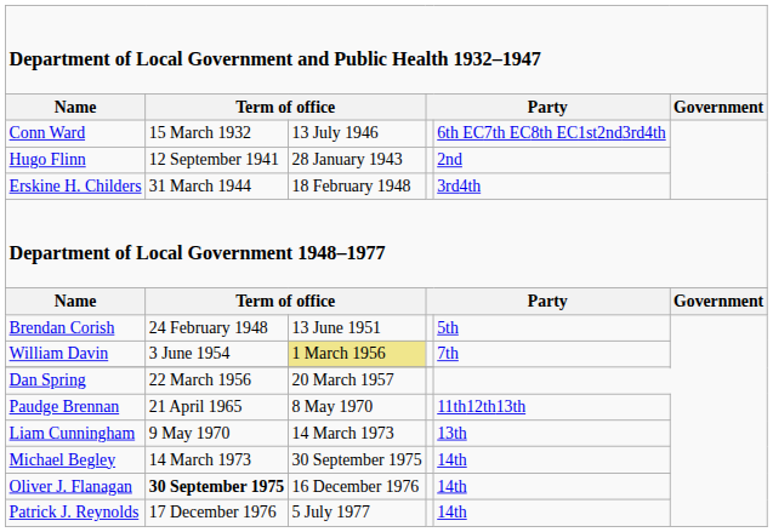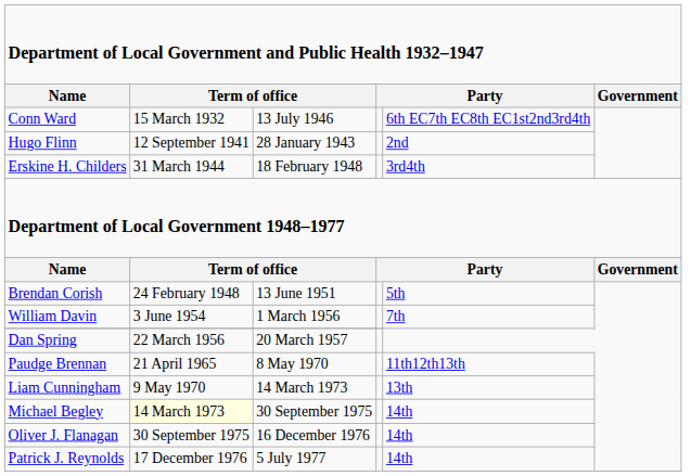 <table class="wikitable">
 <tr>
 <td colspan="6"><br><h3>Department of Local Government and Public Health 1932–1947</h3></td>
 </tr>
 <tr>
 <th>Name</th>
 <th colspan="2">Term of office</th>
 <th colspan="2">Party</th>
 <th>Government</th>
 </tr>
 <tr>
 <td><a href='#'>Conn Ward</a></td>
 <td>15 March 1932</td>
 <td>13 July 1946</td>
 <td></td>
 <td><a href='#'>6th EC</a><a href='#'>7th EC</a><a href='#'>8th EC</a><a href='#'>1st</a><a href='#'>2nd</a><a href='#'>3rd</a><a href='#'>4th</a></td>
 </tr>
 <tr>
 <td><a href='#'>Hugo Flinn</a></td>
 <td>12 September 1941</td>
 <td>28 January 1943</td>
 <td></td>
 <td><a href='#'>2nd</a></td>
 </tr>
 <tr>
 <td><a href='#'>Erskine H. Childers</a></td>
 <td>31 March 1944</td>
 <td>18 February 1948</td>
 <td></td>
 <td><a href='#'>3rd</a><a href='#'>4th</a></td>
 </tr>
 <tr>
 <td colspan="6"><br><h3>Department of Local Government 1948–1977</h3></td>
 </tr>
 <tr>
 <th>Name</th>
 <th colspan="2">Term of office</th>
 <th colspan="2">Party</th>
 <th>Government</th>
 </tr>
 <tr>
 <td><a href='#'>Brendan Corish</a></td>
 <td>24 February 1948</td>
 <td>13 June 1951</td>
 <td></td>
 <td><a href='#'>5th</a></td>
 </tr>
 <tr>
 <td><a href='#'>William Davin</a></td>
 <td>3 June 1954</td>
-<td style="background: khaki;">1 March 1956</td>
+<td>1 March 1956</td>
 <td></td>
 <td rowspan=2><a href='#'>7th</a></td>
 </tr>
 <tr>
 </tr>
 <tr>
 <td><a href='#'>Dan Spring</a></td>
 <td>22 March 1956</td>
 <td>20 March 1957</td>
 <td></td>
 </tr>
 <tr>
 <td><a href='#'>Paudge Brennan</a></td>
 <td>21 April 1965</td>
 <td>8 May 1970</td>
 <td></td>
 <td><a href='#'>11th</a><a href='#'>12th</a><a href='#'>13th</a></td>
 </tr>
 <tr>
 <td><a href='#'>Liam Cunningham</a></td>
 <td>9 May 1970</td>
 <td>14 March 1973</td>
 <td></td>
 <td><a href='#'>13th</a></td>
 </tr>
 <tr>
 <td><a href='#'>Michael Begley</a></td>
-<td>14 March 1973</td>
+<td style="background: lightyellow;">14 March 1973</td>
 <td>30 September 1975</td>
 <td></td>
 <td><a href='#'>14th</a></td>
 </tr>
 <tr>
 <td><a href='#'>Oliver J. Flanagan</a></td>
-<td><strong>30 September 1975</strong></td>
+<td>30 September 1975</td>
 <td>16 December 1976</td>
 <td></td>
 <td><a href='#'>14th</a></td>
 </tr>
 <tr>
 <td><a href='#'>Patrick J. Reynolds</a></td>
 <td>17 December 1976</td>
 <td>5 July 1977</td>
 <td></td>
 <td><a href='#'>14th</a></td>
 </tr>
 </table>
